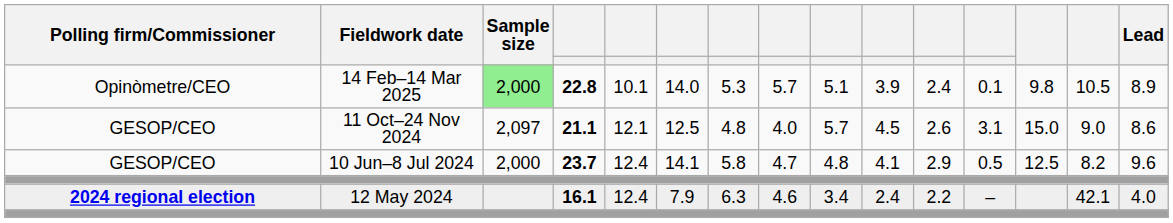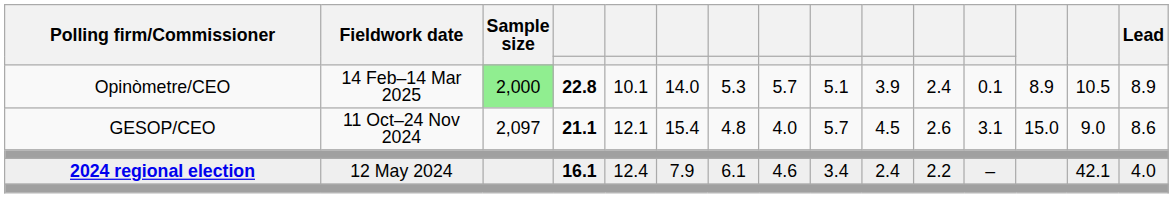 <table class="wikitable collapsible collapsed" style="text-align:center; font-size:90%; line-height:14px;">
 <tr style="height:42px;">
 <th style="width:250px;" rowspan="2">Polling firm/Commissioner</th>
 <th style="width:125px;" rowspan="2">Fieldwork date</th>
 <th style="width:50px;" rowspan="2">Sample size</th>
 <th style="width:35px;"></th>
 <th style="width:35px;"></th>
 <th style="width:35px;"></th>
 <th style="width:35px;"></th>
 <th style="width:35px;"></th>
 <th style="width:35px;"></th>
 <th style="width:35px;"></th>
 <th style="width:35px;"></th>
 <th style="width:35px;"></th>
 <th style="width:35px;" rowspan="2"></th>
 <th style="width:35px;" rowspan="2"></th>
 <th style="width:30px;" rowspan="2">Lead</th>
 </tr>
 <tr>
 <th style="color:inherit;background:"></th>
 <th style="color:inherit;background:"></th>
 <th style="color:inherit;background:"></th>
 <th style="color:inherit;background:"></th>
 <th style="color:inherit;background:"></th>
 <th style="color:inherit;background:"></th>
 <th style="color:inherit;background:"></th>
 <th style="color:inherit;background:"></th>
 <th style="color:inherit;background:"></th>
 </tr>
 <tr>
 <td>Opinòmetre/CEO</td>
 <td>14 Feb–14 Mar 2025</td>
 <td style="background: lightgreen;">2,000</td>
 <td><strong>22.8</strong></td>
 <td>10.1</td>
 <td>14.0</td>
 <td>5.3</td>
 <td>5.7</td>
 <td>5.1</td>
 <td>3.9</td>
 <td>2.4</td>
 <td>0.1</td>
-<td>9.8</td>
+<td>8.9</td>
 <td>10.5</td>
 <td style="background:">8.9</td>
 </tr>
 <tr>
 <td>GESOP/CEO</td>
 <td>11 Oct–24 Nov 2024</td>
 <td>2,097</td>
 <td><strong>21.1</strong></td>
 <td>12.1</td>
-<td>12.5</td>
+<td>15.4</td>
 <td>4.8</td>
 <td>4.0</td>
 <td>5.7</td>
 <td>4.5</td>
 <td>2.6</td>
 <td>3.1</td>
 <td>15.0</td>
 <td>9.0</td>
 <td style="background:">8.6</td>
 </tr>
 <tr>
-<td>GESOP/CEO</td>
-<td>10 Jun–8 Jul 2024</td>
-<td>2,000</td>
-<td><strong>23.7</strong></td>
-<td>12.4</td>
-<td>14.1</td>
-<td>5.8</td>
-<td>4.7</td>
-<td>4.8</td>
-<td>4.1</td>
-<td>2.9</td>
-<td>0.5</td>
-<td>12.5</td>
-<td>8.2</td>
-<td style="background:">9.6</td>
-</tr>
-<tr>
 <td colspan="15" style="background:#A0A0A0"></td>
 </tr>
 <tr style="background:#EFEFEF;">
 <td><strong><a href='#'>2024 regional election</a></strong></td>
 <td>12 May 2024</td>
 <td></td>
 <td><strong>16.1</strong></td>
 <td>12.4</td>
 <td>7.9</td>
-<td>6.3</td>
+<td>6.1</td>
 <td>4.6</td>
 <td>3.4</td>
 <td>2.4</td>
 <td>2.2</td>
 <td>–</td>
 <td></td>
 <td>42.1</td>
 <td style="background:">4.0</td>
 </tr>
 <tr>
 <td colspan="15" style="background:#A0A0A0"></td>
 </tr>
 </table>
